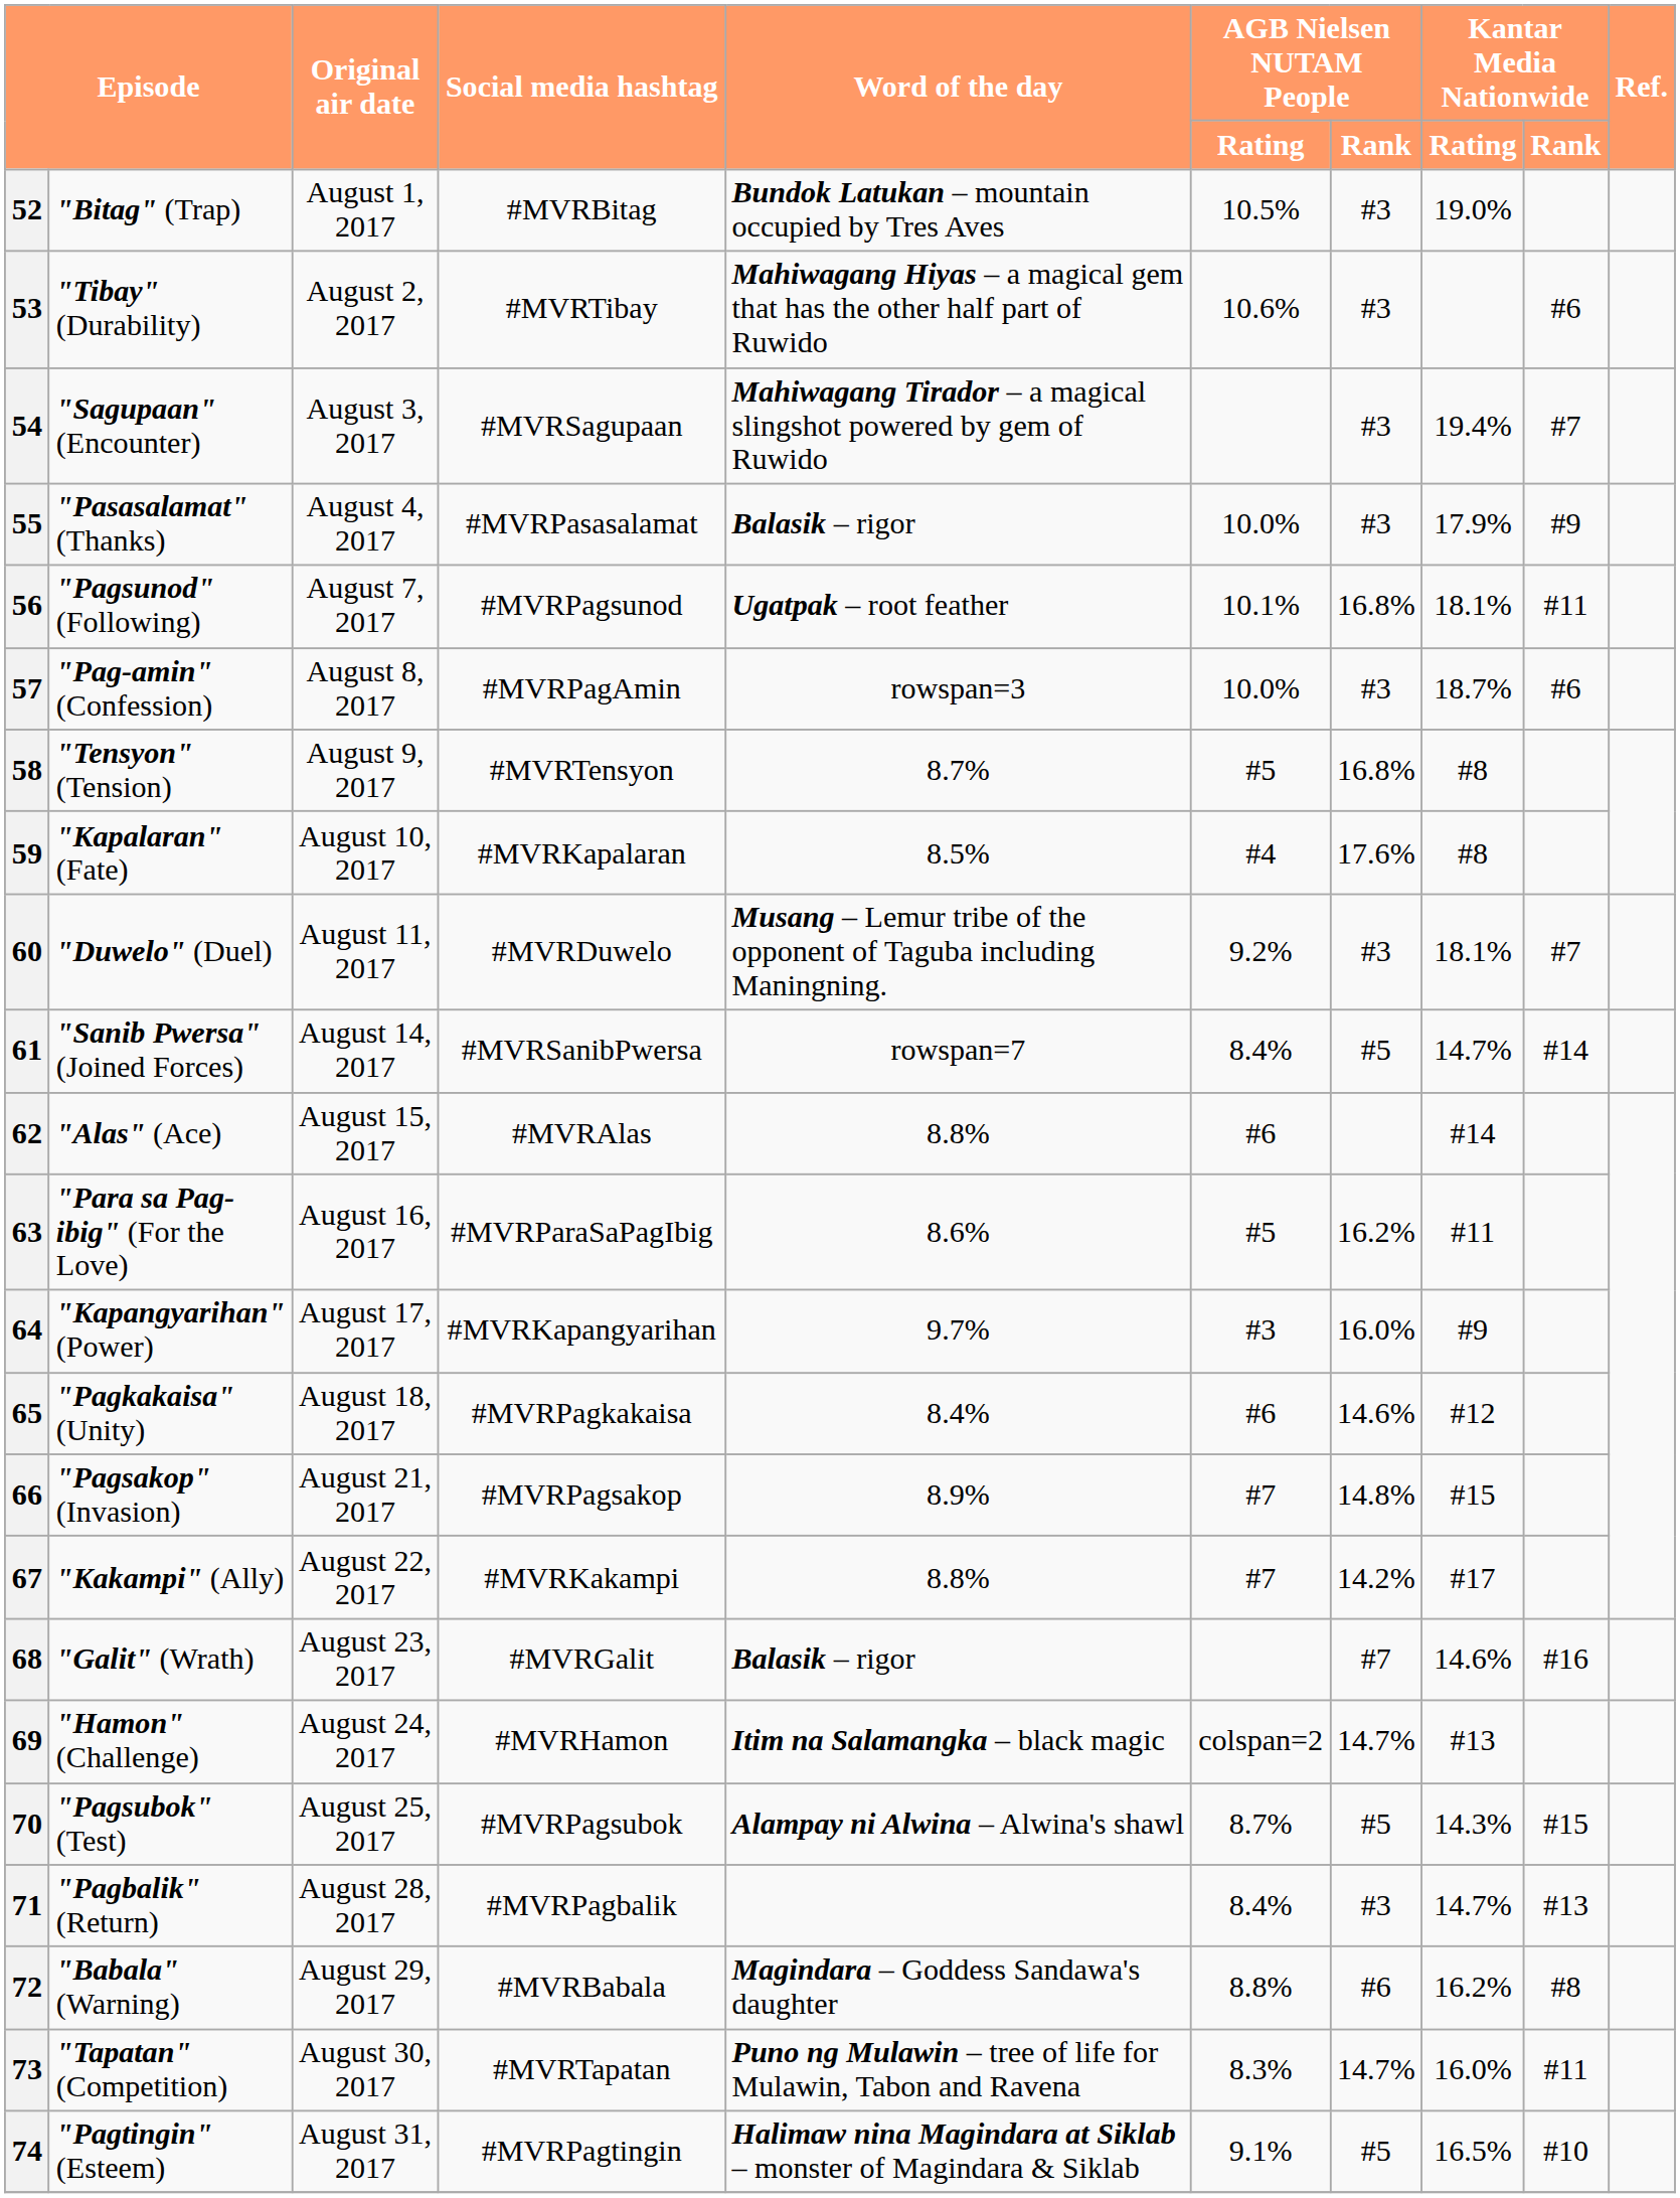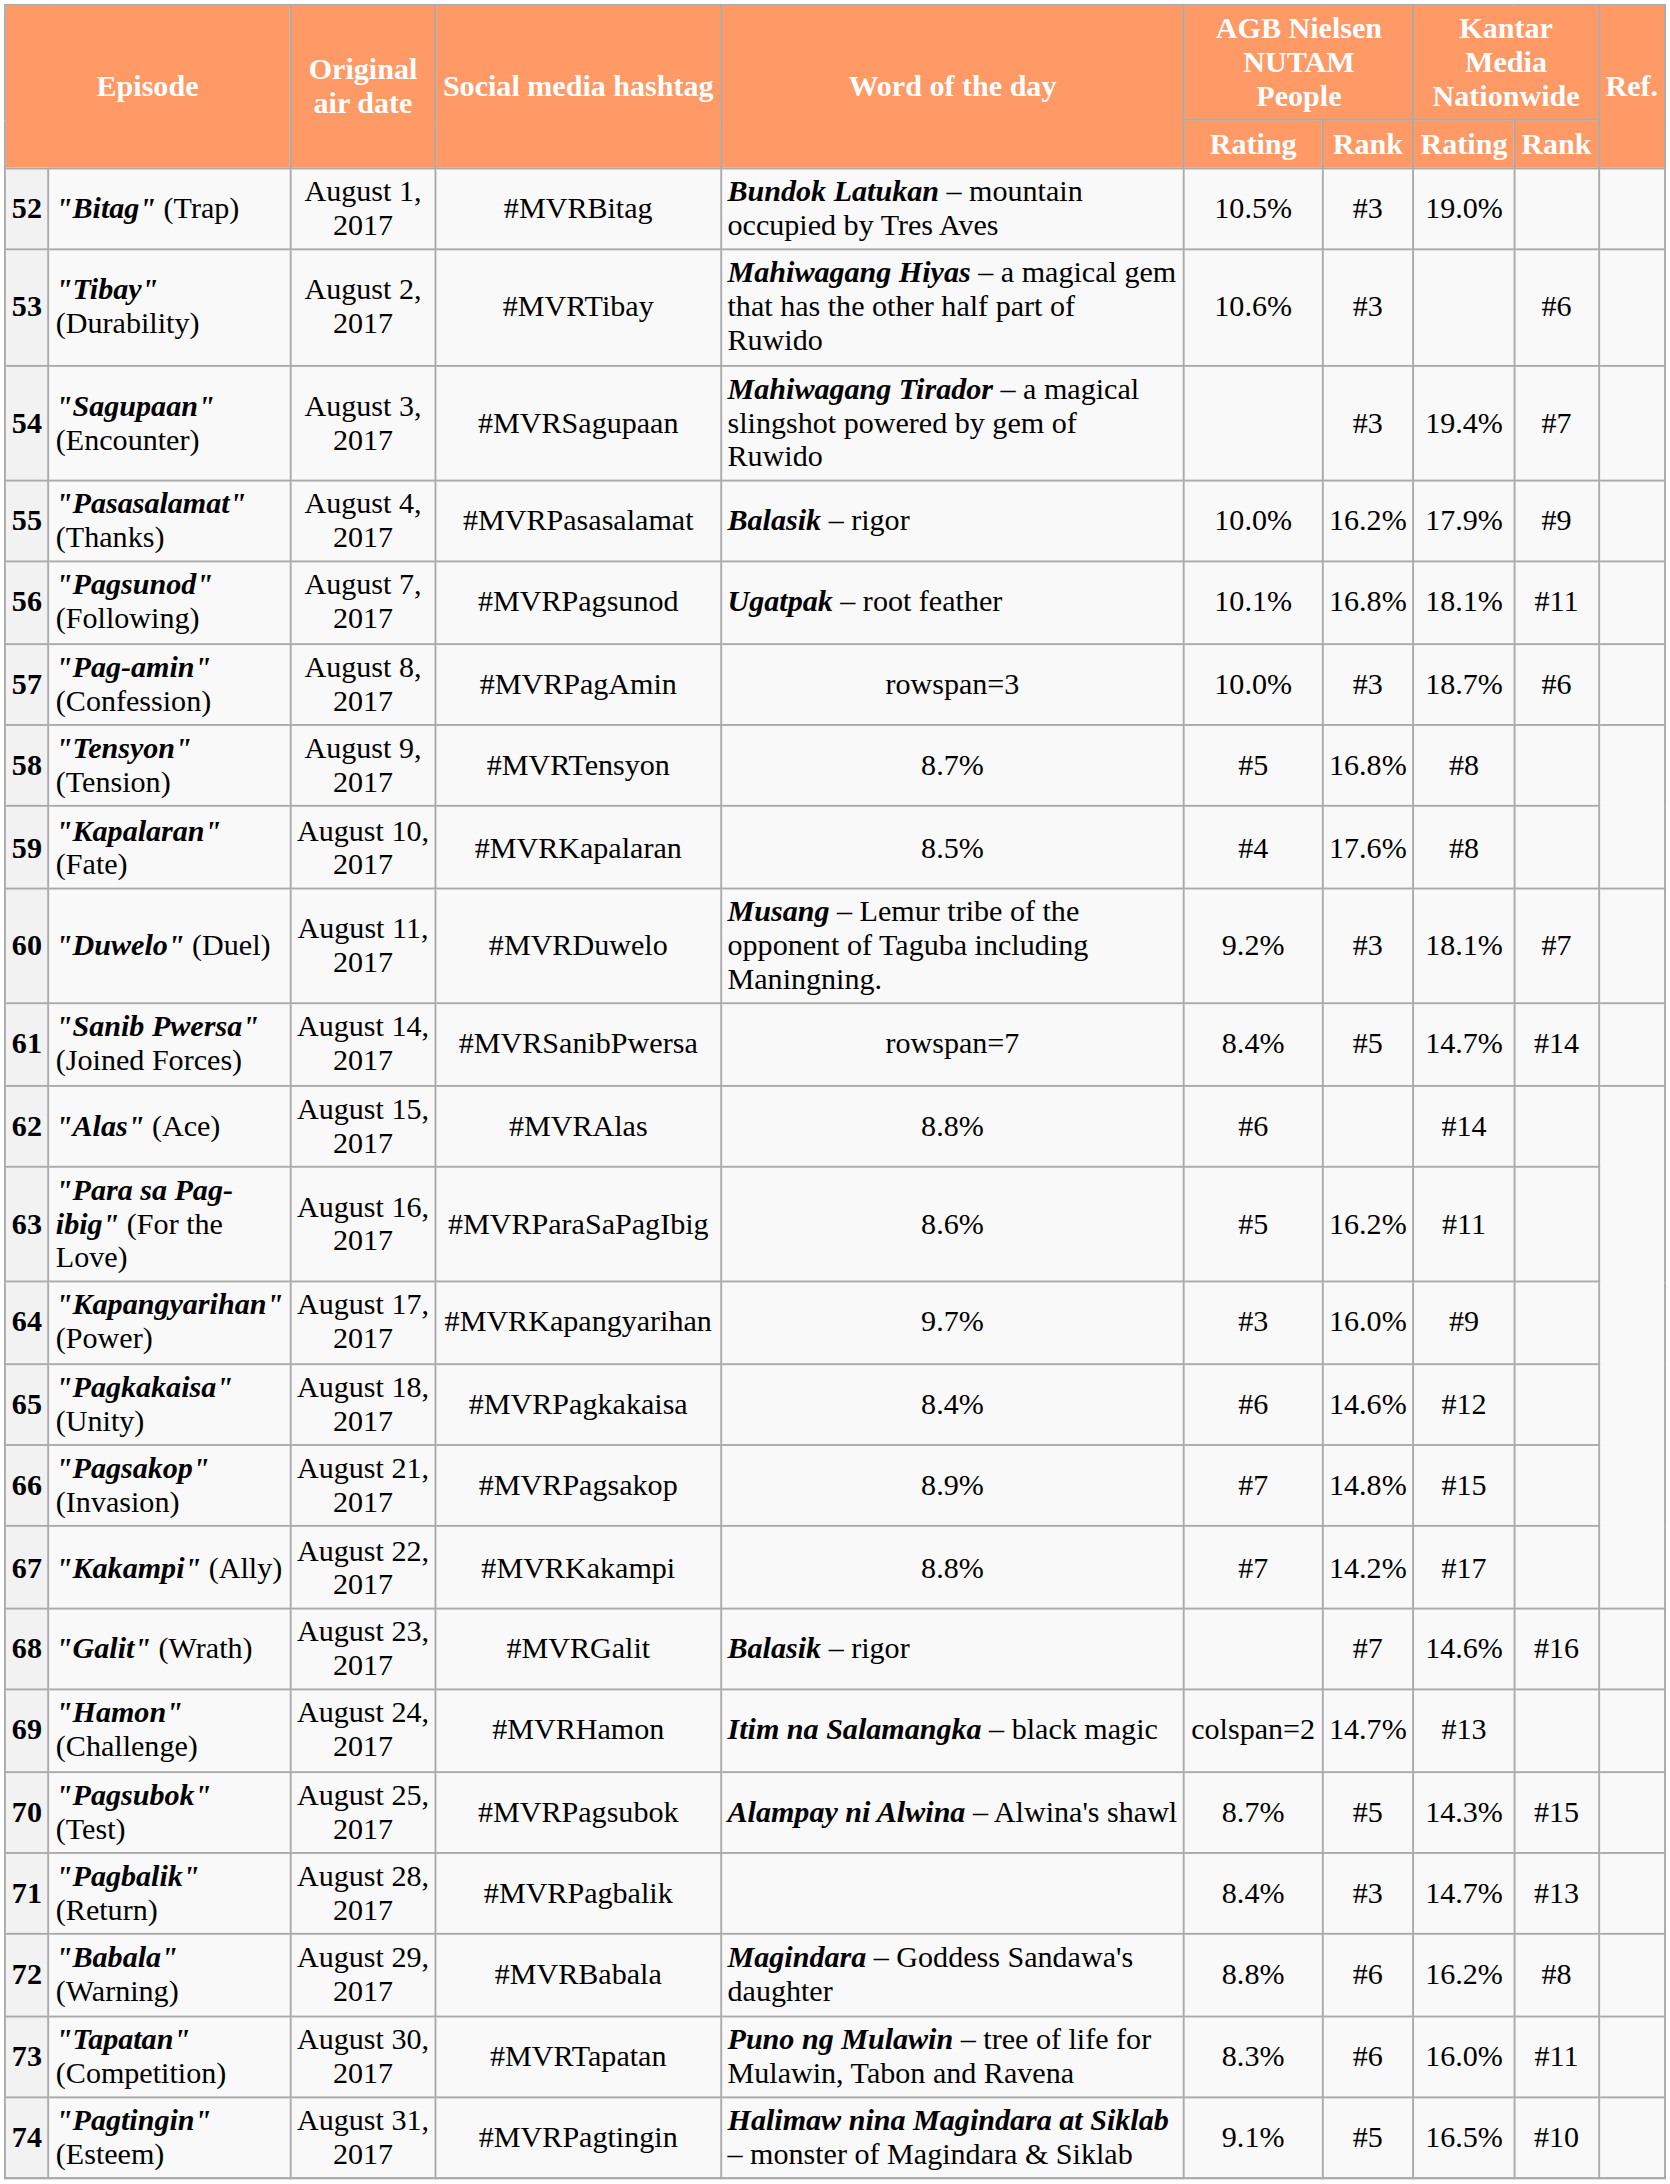 <table class="wikitable" style="text-align:center; font-size:100%; line-height:18px;"  width="100%">
 <tr>
 <th colspan="2" rowspan="2" style="background:#FF9966; color:#ffffff">Episode</th>
 <th rowspan="2" style="background:#FF9966; color:#ffffff">Original air date</th>
 <th rowspan="2" style="background:#FF9966; color:#ffffff">Social media hashtag</th>
 <th rowspan="2" style="background:#FF9966; width:250px; color:#ffffff">Word of the day</th>
 <th colspan="2" style="background:#FF9966; color:#ffffff">AGB Nielsen<br>NUTAM<br>People</th>
 <th colspan="2" style="background:#FF9966; color:#ffffff">Kantar<br>Media<br>Nationwide</th>
 <th rowspan="2" style="background:#FF9966; color:#ffffff">Ref.</th>
 </tr>
 <tr>
 <th style="background-color:#FF9966; color:#ffffff;">Rating</th>
 <th style="background-color:#FF9966; color:#ffffff;">Rank</th>
 <th style="background-color:#FF9966; color:#ffffff;">Rating</th>
 <th style="background-color:#FF9966; color:#ffffff;">Rank</th>
 </tr>
 <tr>
 <th>52</th>
 <td style="text-align: left;"><strong><em>"Bitag"</em></strong> (Trap)</td>
 <td>August 1, 2017</td>
 <td>#MVRBitag</td>
 <td style="text-align: left;"><strong><em>Bundok Latukan</em></strong> – mountain occupied by Tres Aves</td>
 <td>10.5%</td>
 <td>#3</td>
 <td>19.0%</td>
 <td></td>
 <td></td>
 </tr>
 <tr>
 <th>53</th>
 <td style="text-align: left;"><strong><em>"Tibay"</em></strong> (Durability)</td>
 <td>August 2, 2017</td>
 <td>#MVRTibay</td>
 <td style="text-align: left;"><strong><em>Mahiwagang Hiyas</em></strong> – a magical gem that has the other half part of Ruwido</td>
 <td>10.6%</td>
 <td>#3</td>
 <td></td>
 <td>#6</td>
 <td></td>
 </tr>
 <tr>
 <th>54</th>
 <td style="text-align: left;"><strong><em>"Sagupaan"</em></strong> (Encounter)</td>
 <td>August 3, 2017</td>
 <td>#MVRSagupaan</td>
 <td style="text-align: left;"><strong><em>Mahiwagang Tirador</em></strong> – a magical slingshot powered by gem of Ruwido</td>
 <td></td>
 <td>#3</td>
 <td>19.4%</td>
 <td>#7</td>
 <td></td>
 </tr>
 <tr>
 <th>55</th>
 <td style="text-align: left;"><strong><em>"Pasasalamat"</em></strong> (Thanks)</td>
 <td>August 4, 2017</td>
 <td>#MVRPasasalamat</td>
 <td style="text-align: left;"><strong><em>Balasik</em></strong> – rigor</td>
 <td>10.0%</td>
-<td>#3</td>
+<td>16.2%</td>
 <td>17.9%</td>
 <td>#9</td>
 <td></td>
 </tr>
 <tr>
 <th>56</th>
 <td style="text-align: left;"><strong><em>"Pagsunod"</em></strong> (Following)</td>
 <td>August 7, 2017</td>
 <td>#MVRPagsunod</td>
 <td style="text-align: left;"><strong><em>Ugatpak</em></strong> – root feather</td>
 <td>10.1%</td>
 <td>16.8%</td>
 <td>18.1%</td>
 <td>#11</td>
 <td></td>
 </tr>
 <tr>
 <th>57</th>
 <td style="text-align: left;"><strong><em>"Pag-amin"</em></strong> (Confession)</td>
 <td>August 8, 2017</td>
 <td>#MVRPagAmin</td>
 <td>rowspan=3 </td>
 <td>10.0%</td>
 <td>#3</td>
 <td>18.7%</td>
 <td>#6</td>
 <td></td>
 </tr>
 <tr>
 <th>58</th>
 <td style="text-align: left;"><strong><em>"Tensyon"</em></strong> (Tension)</td>
 <td>August 9, 2017</td>
 <td>#MVRTensyon</td>
 <td>8.7%</td>
 <td>#5</td>
 <td>16.8%</td>
 <td>#8</td>
 <td></td>
 </tr>
 <tr>
 <th>59</th>
 <td style="text-align: left;"><strong><em>"Kapalaran"</em></strong> (Fate)</td>
 <td>August 10, 2017</td>
 <td>#MVRKapalaran</td>
 <td>8.5%</td>
 <td>#4</td>
 <td>17.6%</td>
 <td>#8</td>
 <td></td>
 </tr>
 <tr>
 <th>60</th>
 <td style="text-align: left;"><strong><em>"Duwelo"</em></strong> (Duel)</td>
 <td>August 11, 2017</td>
 <td>#MVRDuwelo</td>
 <td style="text-align: left;"><strong><em>Musang</em></strong> – Lemur tribe of the opponent of Taguba including Maningning.</td>
 <td>9.2%</td>
 <td>#3</td>
 <td>18.1%</td>
 <td>#7</td>
 <td></td>
 </tr>
 <tr>
 <th>61</th>
 <td style="text-align: left;"><strong><em>"Sanib Pwersa"</em></strong> (Joined Forces)</td>
 <td>August 14, 2017</td>
 <td>#MVRSanibPwersa</td>
 <td>rowspan=7 </td>
 <td>8.4%</td>
 <td>#5</td>
 <td>14.7%</td>
 <td>#14</td>
 <td></td>
 </tr>
 <tr>
 <th>62</th>
 <td style="text-align: left;"><strong><em>"Alas"</em></strong> (Ace)</td>
 <td>August 15, 2017</td>
 <td>#MVRAlas</td>
 <td>8.8%</td>
 <td>#6</td>
 <td></td>
 <td>#14</td>
 <td></td>
 </tr>
 <tr>
 <th>63</th>
 <td style="text-align: left;"><strong><em>"Para sa Pag-ibig"</em></strong> (For the Love)</td>
 <td>August 16, 2017</td>
 <td>#MVRParaSaPagIbig</td>
 <td>8.6%</td>
 <td>#5</td>
 <td>16.2%</td>
 <td>#11</td>
 <td></td>
 </tr>
 <tr>
 <th>64</th>
 <td style="text-align: left;"><strong><em>"Kapangyarihan"</em></strong> (Power)</td>
 <td>August 17, 2017</td>
 <td>#MVRKapangyarihan</td>
 <td>9.7%</td>
 <td>#3</td>
 <td>16.0%</td>
 <td>#9</td>
 <td></td>
 </tr>
 <tr>
 <th>65</th>
 <td style="text-align: left;"><strong><em>"Pagkakaisa"</em></strong> (Unity)</td>
 <td>August 18, 2017</td>
 <td>#MVRPagkakaisa</td>
 <td>8.4%</td>
 <td>#6</td>
 <td>14.6%</td>
 <td>#12</td>
 <td></td>
 </tr>
 <tr>
 <th>66</th>
 <td style="text-align: left;"><strong><em>"Pagsakop"</em></strong> (Invasion)</td>
 <td>August 21, 2017</td>
 <td>#MVRPagsakop</td>
 <td>8.9%</td>
 <td>#7</td>
 <td>14.8%</td>
 <td>#15</td>
 <td></td>
 </tr>
 <tr>
 <th>67</th>
 <td style="text-align: left;"><strong><em>"Kakampi"</em></strong> (Ally)</td>
 <td>August 22, 2017</td>
 <td>#MVRKakampi</td>
 <td>8.8%</td>
 <td>#7</td>
 <td>14.2%</td>
 <td>#17</td>
 <td></td>
 </tr>
 <tr>
 <th>68</th>
 <td style="text-align: left;"><strong><em>"Galit"</em></strong> (Wrath)</td>
 <td>August 23, 2017</td>
 <td>#MVRGalit</td>
 <td style="text-align: left;"><strong><em>Balasik</em></strong> – rigor</td>
 <td></td>
 <td>#7</td>
 <td>14.6%</td>
 <td>#16</td>
 <td></td>
 </tr>
 <tr>
 <th>69</th>
 <td style="text-align: left;"><strong><em>"Hamon"</em></strong> (Challenge)</td>
 <td>August 24, 2017</td>
 <td>#MVRHamon</td>
 <td style="text-align: left;"><strong><em>Itim na Salamangka</em></strong> – black magic</td>
 <td>colspan=2 </td>
 <td>14.7%</td>
 <td>#13</td>
 <td></td>
 </tr>
 <tr>
 <th>70</th>
 <td style="text-align: left;"><strong><em>"Pagsubok"</em></strong> (Test)</td>
 <td>August 25, 2017</td>
 <td>#MVRPagsubok</td>
 <td style="text-align: left;"><strong><em>Alampay ni Alwina</em></strong> – Alwina's shawl</td>
 <td>8.7%</td>
 <td>#5</td>
 <td>14.3%</td>
 <td>#15</td>
 <td></td>
 </tr>
 <tr>
 <th>71</th>
 <td style="text-align: left;"><strong><em>"Pagbalik"</em></strong> (Return)</td>
 <td>August 28, 2017</td>
 <td>#MVRPagbalik</td>
 <td></td>
 <td>8.4%</td>
 <td>#3</td>
 <td>14.7%</td>
 <td>#13</td>
 <td></td>
 </tr>
 <tr>
 <th>72</th>
 <td style="text-align: left;"><strong><em>"Babala"</em></strong> (Warning)</td>
 <td>August 29, 2017</td>
 <td>#MVRBabala</td>
 <td style="text-align: left;"><strong><em>Magindara</em></strong> – Goddess Sandawa's daughter</td>
 <td>8.8%</td>
 <td>#6</td>
 <td>16.2%</td>
 <td>#8</td>
 <td></td>
 </tr>
 <tr>
 <th>73</th>
 <td style="text-align: left;"><strong><em>"Tapatan"</em></strong> (Competition)</td>
 <td>August 30, 2017</td>
 <td>#MVRTapatan</td>
 <td style="text-align: left;"><strong><em>Puno ng Mulawin</em></strong> – tree of life for Mulawin, Tabon and Ravena</td>
 <td>8.3%</td>
-<td>14.7%</td>
+<td>#6</td>
 <td>16.0%</td>
 <td>#11</td>
 <td></td>
 </tr>
 <tr>
 <th>74</th>
 <td style="text-align: left;"><strong><em>"Pagtingin"</em></strong> (Esteem)</td>
 <td>August 31, 2017</td>
 <td>#MVRPagtingin</td>
 <td style="text-align: left;"><strong><em>Halimaw nina Magindara at Siklab</em></strong> – monster of Magindara & Siklab</td>
 <td>9.1%</td>
 <td>#5</td>
 <td>16.5%</td>
 <td>#10</td>
 <td></td>
 </tr>
 <tr>
 </tr>
 </table>
